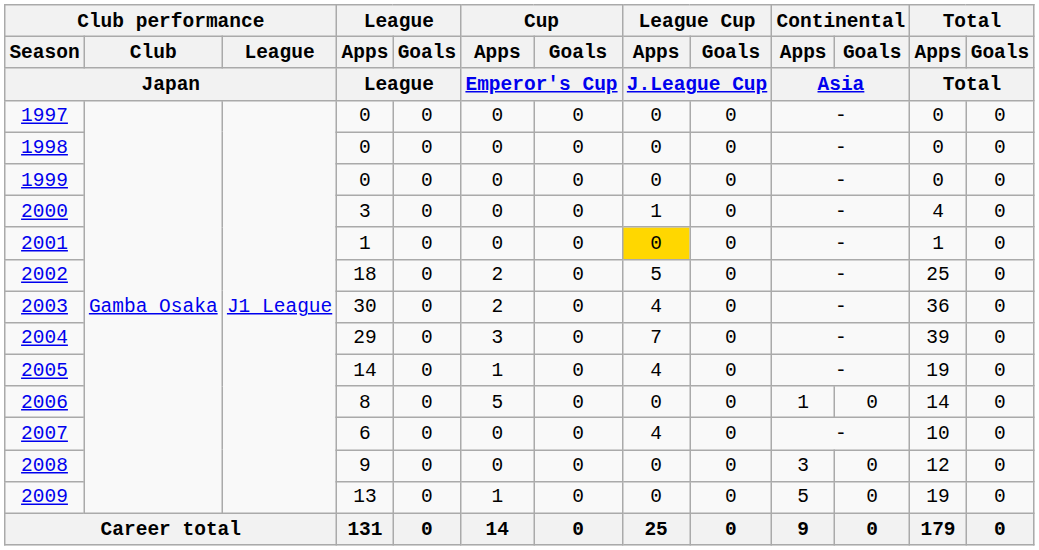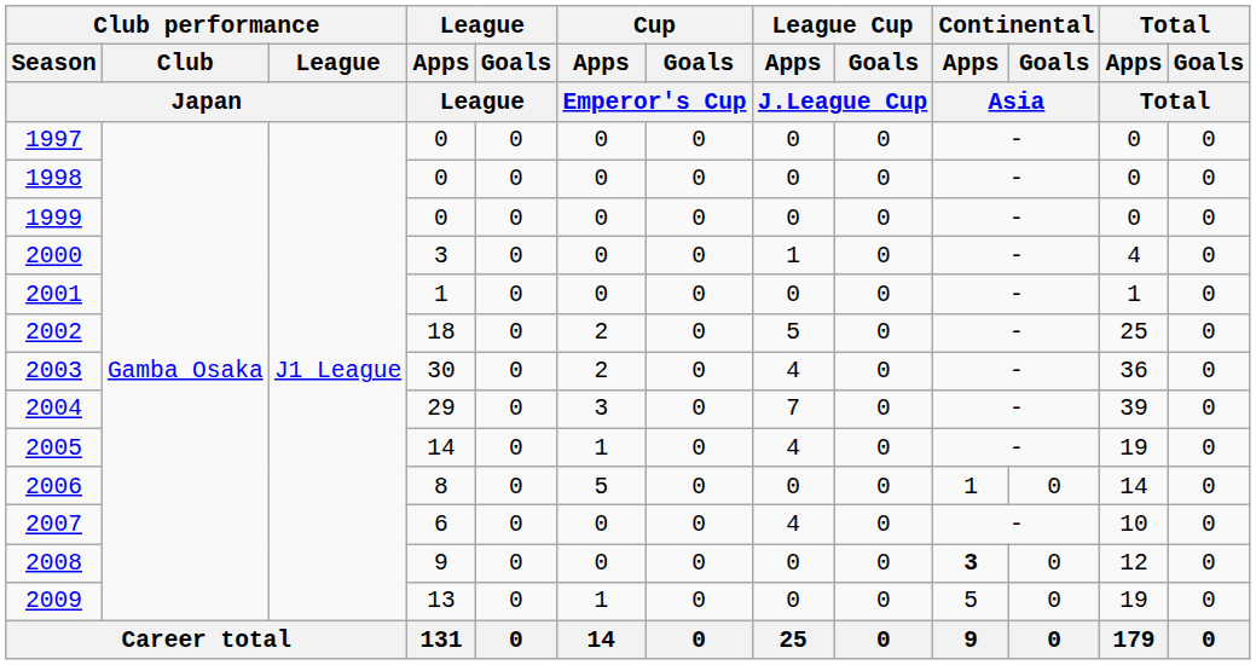 <table class="wikitable" style="text-align:center">
 <tr>
 <th colspan=3>Club performance</th>
 <th colspan=2>League</th>
 <th colspan=2>Cup</th>
 <th colspan=2>League Cup</th>
 <th colspan=2>Continental</th>
 <th colspan=2>Total</th>
 </tr>
 <tr>
 <th>Season</th>
 <th>Club</th>
 <th>League</th>
 <th>Apps</th>
 <th>Goals</th>
 <th>Apps</th>
 <th>Goals</th>
 <th>Apps</th>
 <th>Goals</th>
 <th>Apps</th>
 <th>Goals</th>
 <th>Apps</th>
 <th>Goals</th>
 </tr>
 <tr>
 <th colspan=3>Japan</th>
 <th colspan=2>League</th>
 <th colspan=2><a href='#'>Emperor's Cup</a></th>
 <th colspan=2><a href='#'>J.League Cup</a></th>
 <th colspan=2><a href='#'>Asia</a></th>
 <th colspan=2>Total</th>
 </tr>
 <tr>
 <td><a href='#'>1997</a></td>
 <td rowspan="13"><a href='#'>Gamba Osaka</a></td>
 <td rowspan="13"><a href='#'>J1 League</a></td>
 <td>0</td>
 <td>0</td>
 <td>0</td>
 <td>0</td>
 <td>0</td>
 <td>0</td>
 <td colspan="2">-</td>
 <td>0</td>
 <td>0</td>
 </tr>
 <tr>
 <td><a href='#'>1998</a></td>
 <td>0</td>
 <td>0</td>
 <td>0</td>
 <td>0</td>
 <td>0</td>
 <td>0</td>
 <td colspan="2">-</td>
 <td>0</td>
 <td>0</td>
 </tr>
 <tr>
 <td><a href='#'>1999</a></td>
 <td>0</td>
 <td>0</td>
 <td>0</td>
 <td>0</td>
 <td>0</td>
 <td>0</td>
 <td colspan="2">-</td>
 <td>0</td>
 <td>0</td>
 </tr>
 <tr>
 <td><a href='#'>2000</a></td>
 <td>3</td>
 <td>0</td>
 <td>0</td>
 <td>0</td>
 <td>1</td>
 <td>0</td>
 <td colspan="2">-</td>
 <td>4</td>
 <td>0</td>
 </tr>
 <tr>
 <td><a href='#'>2001</a></td>
 <td>1</td>
 <td>0</td>
 <td>0</td>
 <td>0</td>
-<td style="background: gold;">0</td>
+<td>0</td>
 <td>0</td>
 <td colspan="2">-</td>
 <td>1</td>
 <td>0</td>
 </tr>
 <tr>
 <td><a href='#'>2002</a></td>
 <td>18</td>
 <td>0</td>
 <td>2</td>
 <td>0</td>
 <td>5</td>
 <td>0</td>
 <td colspan="2">-</td>
 <td>25</td>
 <td>0</td>
 </tr>
 <tr>
 <td><a href='#'>2003</a></td>
 <td>30</td>
 <td>0</td>
 <td>2</td>
 <td>0</td>
 <td>4</td>
 <td>0</td>
 <td colspan="2">-</td>
 <td>36</td>
 <td>0</td>
 </tr>
 <tr>
 <td><a href='#'>2004</a></td>
 <td>29</td>
 <td>0</td>
 <td>3</td>
 <td>0</td>
 <td>7</td>
 <td>0</td>
 <td colspan="2">-</td>
 <td>39</td>
 <td>0</td>
 </tr>
 <tr>
 <td><a href='#'>2005</a></td>
 <td>14</td>
 <td>0</td>
 <td>1</td>
 <td>0</td>
 <td>4</td>
 <td>0</td>
 <td colspan="2">-</td>
 <td>19</td>
 <td>0</td>
 </tr>
 <tr>
 <td><a href='#'>2006</a></td>
 <td>8</td>
 <td>0</td>
 <td>5</td>
 <td>0</td>
 <td>0</td>
 <td>0</td>
 <td>1</td>
 <td>0</td>
 <td>14</td>
 <td>0</td>
 </tr>
 <tr>
 <td><a href='#'>2007</a></td>
 <td>6</td>
 <td>0</td>
 <td>0</td>
 <td>0</td>
 <td>4</td>
 <td>0</td>
 <td colspan="2">-</td>
 <td>10</td>
 <td>0</td>
 </tr>
 <tr>
 <td><a href='#'>2008</a></td>
 <td>9</td>
 <td>0</td>
 <td>0</td>
 <td>0</td>
 <td>0</td>
 <td>0</td>
-<td>3</td>
+<td><strong>3</strong></td>
 <td>0</td>
 <td>12</td>
 <td>0</td>
 </tr>
 <tr>
 <td><a href='#'>2009</a></td>
 <td>13</td>
 <td>0</td>
 <td>1</td>
 <td>0</td>
 <td>0</td>
 <td>0</td>
 <td>5</td>
 <td>0</td>
 <td>19</td>
 <td>0</td>
 </tr>
 <tr>
 <th colspan=3>Career total</th>
 <th>131</th>
 <th>0</th>
 <th>14</th>
 <th>0</th>
 <th>25</th>
 <th>0</th>
 <th>9</th>
 <th>0</th>
 <th>179</th>
 <th>0</th>
 </tr>
 </table>
